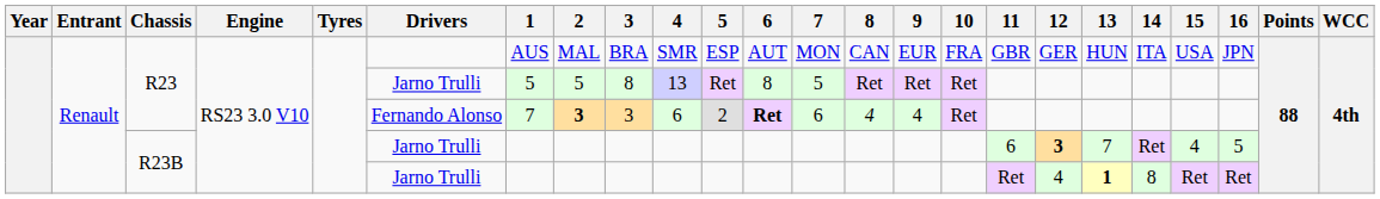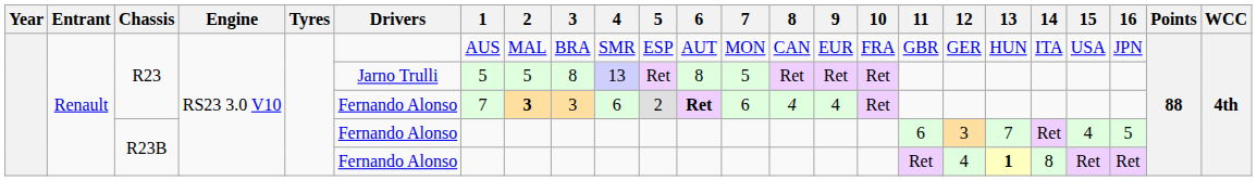 <table class="wikitable" style="text-align:center; font-size:95%">
 <tr>
 <th>Year</th>
 <th>Entrant</th>
 <th>Chassis</th>
 <th>Engine</th>
 <th>Tyres</th>
 <th>Drivers</th>
 <th>1</th>
 <th>2</th>
 <th>3</th>
 <th>4</th>
 <th>5</th>
 <th>6</th>
 <th>7</th>
 <th>8</th>
 <th>9</th>
 <th>10</th>
 <th>11</th>
 <th>12</th>
 <th>13</th>
 <th>14</th>
 <th>15</th>
 <th>16</th>
 <th>Points</th>
 <th>WCC</th>
 </tr>
 <tr>
 <th rowspan="5"></th>
 <td rowspan="5"><a href='#'>Renault</a></td>
 <td rowspan="3">R23</td>
 <td rowspan="5">RS23 3.0 <a href='#'>V10</a></td>
 <td rowspan="5"></td>
 <td></td>
 <td><a href='#'>AUS</a></td>
 <td><a href='#'>MAL</a></td>
 <td><a href='#'>BRA</a></td>
 <td><a href='#'>SMR</a></td>
 <td><a href='#'>ESP</a></td>
 <td><a href='#'>AUT</a></td>
 <td><a href='#'>MON</a></td>
 <td><a href='#'>CAN</a></td>
 <td><a href='#'>EUR</a></td>
 <td><a href='#'>FRA</a></td>
 <td><a href='#'>GBR</a></td>
 <td><a href='#'>GER</a></td>
 <td><a href='#'>HUN</a></td>
 <td><a href='#'>ITA</a></td>
 <td><a href='#'>USA</a></td>
 <td><a href='#'>JPN</a></td>
 <th rowspan="5">88</th>
 <th rowspan="5">4th</th>
 </tr>
 <tr>
 <td> <a href='#'>Jarno Trulli</a></td>
 <td style="background:#DFFFDF;">5</td>
 <td style="background:#DFFFDF;">5</td>
 <td style="background:#DFFFDF;">8</td>
 <td style="background:#CFCFFF;">13</td>
 <td style="background:#EFCFFF;">Ret</td>
 <td style="background:#DFFFDF;">8</td>
 <td style="background:#DFFFDF;">5</td>
 <td style="background:#EFCFFF;">Ret</td>
 <td style="background:#EFCFFF;">Ret</td>
 <td style="background:#EFCFFF;">Ret</td>
 <td></td>
 <td></td>
 <td></td>
 <td></td>
 <td></td>
 <td></td>
 </tr>
 <tr>
 <td> <a href='#'>Fernando Alonso</a></td>
 <td style="background:#DFFFDF;">7</td>
 <td style="background:#FFDF9F;"><strong>3</strong></td>
 <td style="background:#FFDF9F;">3</td>
 <td style="background:#DFFFDF;">6</td>
 <td style="background:#DFDFDF;">2</td>
 <td style="background:#EFCFFF;"><strong>Ret</strong></td>
 <td style="background:#DFFFDF;">6</td>
 <td style="background:#DFFFDF;"><em>4</em></td>
 <td style="background:#DFFFDF;">4</td>
 <td style="background:#EFCFFF;">Ret</td>
 <td></td>
 <td></td>
 <td></td>
 <td></td>
 <td></td>
 <td></td>
 </tr>
 <tr>
 <td rowspan="2">R23B</td>
-<td> <a href='#'>Jarno Trulli</a></td>
+<td> <a href='#'>Fernando Alonso</a></td>
 <td></td>
 <td></td>
 <td></td>
 <td></td>
 <td></td>
 <td></td>
 <td></td>
 <td></td>
 <td></td>
 <td></td>
 <td style="background:#DFFFDF;">6</td>
-<td style="background:#FFDF9F;"><strong>3</strong></td>
+<td style="background:#FFDF9F;">3</td>
 <td style="background:#DFFFDF;">7</td>
 <td style="background:#EFCFFF;">Ret</td>
 <td style="background:#DFFFDF;">4</td>
 <td style="background:#DFFFDF;">5</td>
 </tr>
 <tr>
-<td> <a href='#'>Jarno Trulli</a></td>
+<td> <a href='#'>Fernando Alonso</a></td>
 <td></td>
 <td></td>
 <td></td>
 <td></td>
 <td></td>
 <td></td>
 <td></td>
 <td></td>
 <td></td>
 <td></td>
 <td style="background:#EFCFFF;">Ret</td>
 <td style="background:#DFFFDF;">4</td>
 <td style="background:#FFFFBF;"><strong>1</strong></td>
 <td style="background:#DFFFDF;">8</td>
 <td style="background:#EFCFFF;">Ret</td>
 <td style="background:#EFCFFF;">Ret</td>
 </tr>
 </table>
